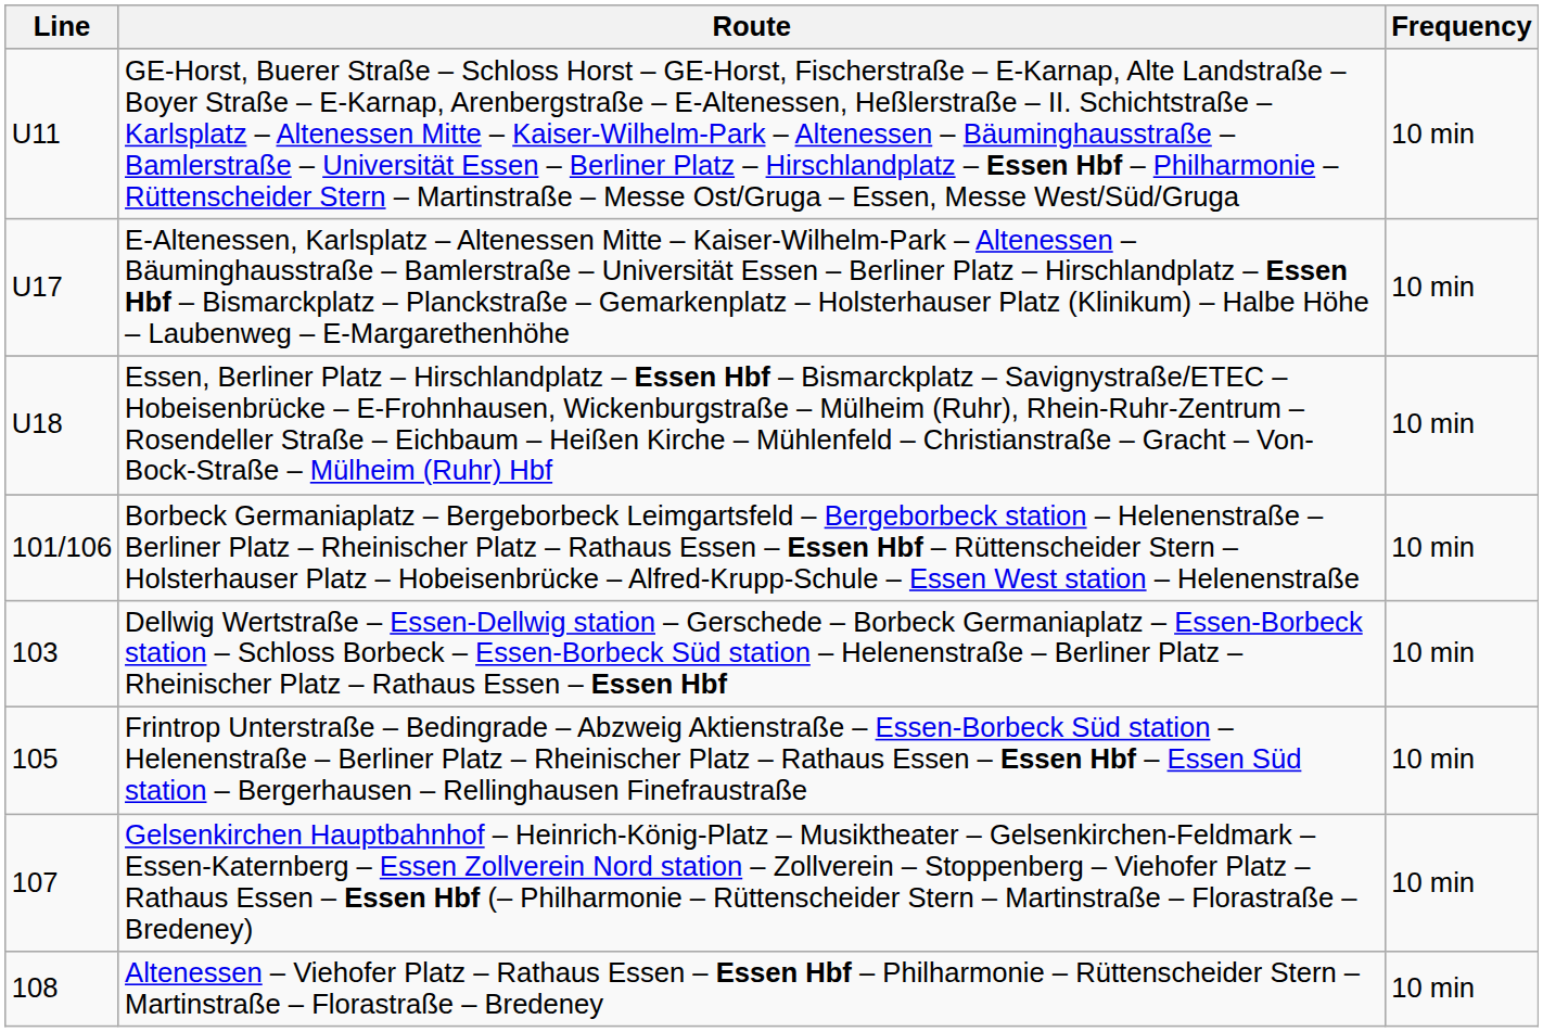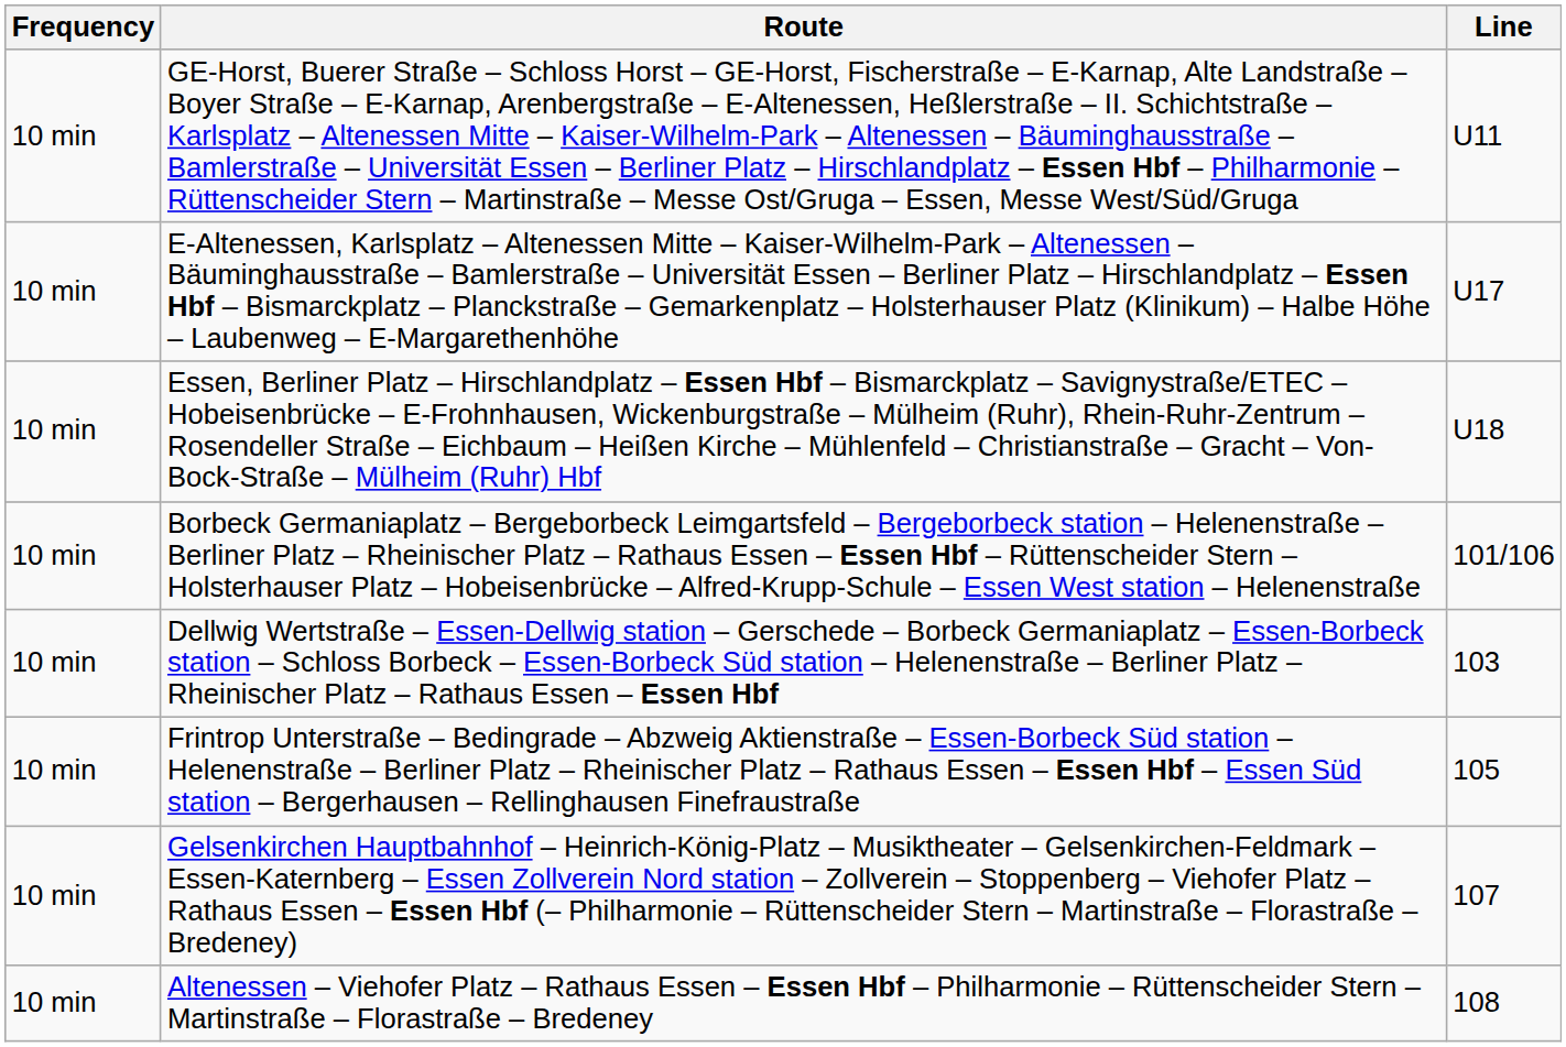 <table class="wikitable" width="100%">
 <tr>
+<th>Frequency</th>
+<th>Route</th>
 <th>Line</th>
-<th>Route</th>
-<th>Frequency</th>
 </tr>
 <tr>
+<td>10 min</td>
+<td>GE-Horst, Buerer Straße – Schloss Horst – GE-Horst, Fischerstraße – E-Karnap, Alte Landstraße – Boyer Straße – E-Karnap, Arenbergstraße – E-Altenessen, Heßlerstraße – II. Schichtstraße – <a href='#'>Karlsplatz</a> – <a href='#'>Altenessen Mitte</a> – <a href='#'>Kaiser-Wilhelm-Park</a> – <a href='#'>Altenessen</a> – <a href='#'>Bäuminghausstraße</a> – <a href='#'>Bamlerstraße</a> – <a href='#'>Universität Essen</a> – <a href='#'>Berliner Platz</a> – <a href='#'>Hirschlandplatz</a> – <strong>Essen Hbf</strong> – <a href='#'>Philharmonie</a> – <a href='#'>Rüttenscheider Stern</a> – Martinstraße – Messe Ost/Gruga – Essen, Messe West/Süd/Gruga</td>
 <td>U11</td>
-<td>GE-Horst, Buerer Straße – Schloss Horst – GE-Horst, Fischerstraße – E-Karnap, Alte Landstraße – Boyer Straße – E-Karnap, Arenbergstraße – E-Altenessen, Heßlerstraße – II. Schichtstraße – <a href='#'>Karlsplatz</a> – <a href='#'>Altenessen Mitte</a> – <a href='#'>Kaiser-Wilhelm-Park</a> – <a href='#'>Altenessen</a> – <a href='#'>Bäuminghausstraße</a> – <a href='#'>Bamlerstraße</a> – <a href='#'>Universität Essen</a> – <a href='#'>Berliner Platz</a> – <a href='#'>Hirschlandplatz</a> – <strong>Essen Hbf</strong> – <a href='#'>Philharmonie</a> – <a href='#'>Rüttenscheider Stern</a> – Martinstraße – Messe Ost/Gruga – Essen, Messe West/Süd/Gruga</td>
-<td>10 min</td>
 </tr>
 <tr>
+<td>10 min</td>
+<td>E-Altenessen, Karlsplatz – Altenessen Mitte – Kaiser-Wilhelm-Park – <a href='#'>Altenessen</a> – Bäuminghausstraße – Bamlerstraße – Universität Essen – Berliner Platz – Hirschlandplatz – <strong>Essen Hbf</strong> – Bismarckplatz – Planckstraße – Gemarkenplatz – Holsterhauser Platz (Klinikum) – Halbe Höhe – Laubenweg – E-Margarethenhöhe</td>
 <td>U17</td>
-<td>E-Altenessen, Karlsplatz – Altenessen Mitte – Kaiser-Wilhelm-Park – <a href='#'>Altenessen</a> – Bäuminghausstraße – Bamlerstraße – Universität Essen – Berliner Platz – Hirschlandplatz – <strong>Essen Hbf</strong> – Bismarckplatz – Planckstraße – Gemarkenplatz – Holsterhauser Platz (Klinikum) – Halbe Höhe – Laubenweg – E-Margarethenhöhe</td>
-<td>10 min</td>
 </tr>
 <tr>
+<td>10 min</td>
+<td>Essen, Berliner Platz – Hirschlandplatz – <strong>Essen Hbf</strong> – Bismarckplatz – Savignystraße/ETEC – Hobeisenbrücke – E-Frohnhausen, Wickenburgstraße – Mülheim (Ruhr), Rhein-Ruhr-Zentrum – Rosendeller Straße – Eichbaum – Heißen Kirche – Mühlenfeld – Christianstraße – Gracht – Von-Bock-Straße – <a href='#'>Mülheim (Ruhr) Hbf</a></td>
 <td>U18</td>
-<td>Essen, Berliner Platz – Hirschlandplatz – <strong>Essen Hbf</strong> – Bismarckplatz – Savignystraße/ETEC – Hobeisenbrücke – E-Frohnhausen, Wickenburgstraße – Mülheim (Ruhr), Rhein-Ruhr-Zentrum – Rosendeller Straße – Eichbaum – Heißen Kirche – Mühlenfeld – Christianstraße – Gracht – Von-Bock-Straße – <a href='#'>Mülheim (Ruhr) Hbf</a></td>
-<td>10 min</td>
 </tr>
 <tr>
+<td>10 min</td>
+<td>Borbeck Germaniaplatz – Bergeborbeck Leimgartsfeld – <a href='#'>Bergeborbeck station</a> – Helenenstraße – Berliner Platz – Rheinischer Platz – Rathaus Essen – <strong>Essen Hbf</strong> – Rüttenscheider Stern – Holsterhauser Platz – Hobeisenbrücke – Alfred-Krupp-Schule – <a href='#'>Essen West station</a> – Helenenstraße</td>
 <td>101/106</td>
-<td>Borbeck Germaniaplatz – Bergeborbeck Leimgartsfeld – <a href='#'>Bergeborbeck station</a> – Helenenstraße – Berliner Platz – Rheinischer Platz – Rathaus Essen – <strong>Essen Hbf</strong> – Rüttenscheider Stern – Holsterhauser Platz – Hobeisenbrücke – Alfred-Krupp-Schule – <a href='#'>Essen West station</a> – Helenenstraße</td>
-<td>10 min</td>
 </tr>
 <tr>
+<td>10 min</td>
+<td>Dellwig Wertstraße – <a href='#'>Essen-Dellwig station</a> – Gerschede – Borbeck Germaniaplatz – <a href='#'>Essen-Borbeck station</a> – Schloss Borbeck – <a href='#'>Essen-Borbeck Süd station</a> – Helenenstraße – Berliner Platz – Rheinischer Platz – Rathaus Essen – <strong>Essen Hbf</strong></td>
 <td>103</td>
-<td>Dellwig Wertstraße – <a href='#'>Essen-Dellwig station</a> – Gerschede – Borbeck Germaniaplatz – <a href='#'>Essen-Borbeck station</a> – Schloss Borbeck – <a href='#'>Essen-Borbeck Süd station</a> – Helenenstraße – Berliner Platz – Rheinischer Platz – Rathaus Essen – <strong>Essen Hbf</strong></td>
-<td>10 min</td>
 </tr>
 <tr>
+<td>10 min</td>
+<td>Frintrop Unterstraße – Bedingrade – Abzweig Aktienstraße –  <a href='#'>Essen-Borbeck Süd station</a> – Helenenstraße – Berliner Platz – Rheinischer Platz – Rathaus Essen – <strong>Essen Hbf</strong> – <a href='#'>Essen Süd station</a> – Bergerhausen – Rellinghausen Finefraustraße</td>
 <td>105</td>
-<td>Frintrop Unterstraße – Bedingrade – Abzweig Aktienstraße –  <a href='#'>Essen-Borbeck Süd station</a> – Helenenstraße – Berliner Platz – Rheinischer Platz – Rathaus Essen – <strong>Essen Hbf</strong> – <a href='#'>Essen Süd station</a> – Bergerhausen – Rellinghausen Finefraustraße</td>
-<td>10 min</td>
 </tr>
 <tr>
+<td>10 min</td>
+<td><a href='#'>Gelsenkirchen Hauptbahnhof</a> – Heinrich-König-Platz – Musiktheater – Gelsenkirchen-Feldmark – Essen-Katernberg – <a href='#'>Essen Zollverein Nord station</a> – Zollverein – Stoppenberg – Viehofer Platz – Rathaus Essen – <strong>Essen Hbf</strong> (– Philharmonie – Rüttenscheider Stern – Martinstraße – Florastraße – Bredeney)</td>
 <td>107</td>
-<td><a href='#'>Gelsenkirchen Hauptbahnhof</a> – Heinrich-König-Platz – Musiktheater – Gelsenkirchen-Feldmark – Essen-Katernberg – <a href='#'>Essen Zollverein Nord station</a> – Zollverein – Stoppenberg – Viehofer Platz – Rathaus Essen – <strong>Essen Hbf</strong> (– Philharmonie – Rüttenscheider Stern – Martinstraße – Florastraße – Bredeney)</td>
-<td>10 min</td>
 </tr>
 <tr>
+<td>10 min</td>
+<td><a href='#'>Altenessen</a> – Viehofer Platz – Rathaus Essen – <strong>Essen Hbf</strong> – Philharmonie – Rüttenscheider Stern – Martinstraße – Florastraße – Bredeney</td>
 <td>108</td>
-<td><a href='#'>Altenessen</a> – Viehofer Platz – Rathaus Essen – <strong>Essen Hbf</strong> – Philharmonie – Rüttenscheider Stern – Martinstraße – Florastraße – Bredeney</td>
-<td>10 min</td>
 </tr>
 </table>
